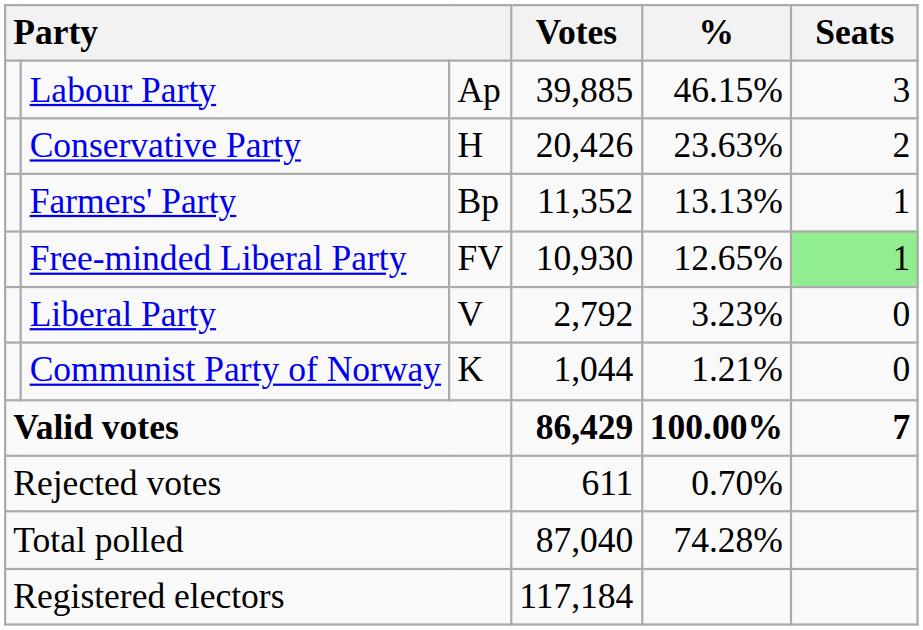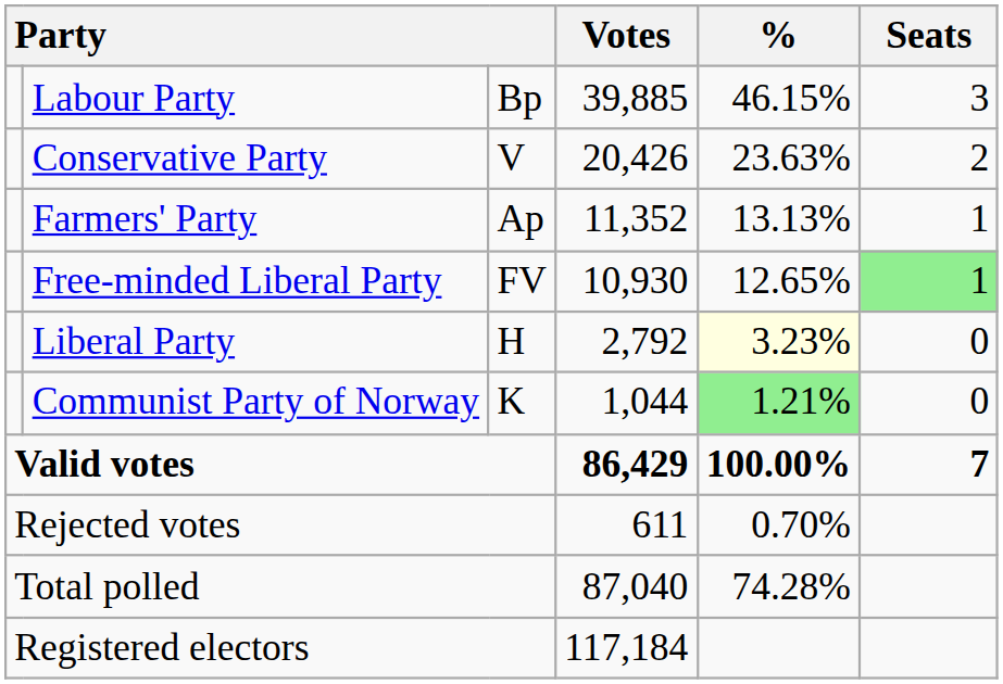 <table class="wikitable" border="1" style="text-align:right;">
 <tr>
 <th style="text-align:left;" colspan=3>Party</th>
 <th align=center width="50">Votes</th>
 <th align=center width="50">%</th>
 <th align=center width="50">Seats</th>
 </tr>
 <tr>
 <td style="color:inherit;background:"></td>
 <td align=left><a href='#'>Labour Party</a></td>
-<td align=left>Ap</td>
+<td align=left>Bp</td>
 <td>39,885</td>
 <td>46.15%</td>
 <td>3</td>
 </tr>
 <tr>
 <td style="color:inherit;background:"></td>
 <td align=left><a href='#'>Conservative Party</a></td>
-<td align=left>H</td>
+<td align=left>V</td>
 <td>20,426</td>
 <td>23.63%</td>
 <td>2</td>
 </tr>
 <tr>
 <td style="color:inherit;background:"></td>
 <td align=left><a href='#'>Farmers' Party</a></td>
-<td align=left>Bp</td>
+<td align=left>Ap</td>
 <td>11,352</td>
 <td>13.13%</td>
 <td>1</td>
 </tr>
 <tr>
 <td style="color:inherit;background:"></td>
 <td align=left><a href='#'>Free-minded Liberal Party</a></td>
 <td align=left>FV</td>
 <td>10,930</td>
 <td>12.65%</td>
 <td style="background: lightgreen;">1</td>
 </tr>
 <tr>
 <td style="color:inherit;background:"></td>
 <td align=left><a href='#'>Liberal Party</a></td>
-<td align=left>V</td>
+<td align=left>H</td>
 <td>2,792</td>
-<td>3.23%</td>
+<td style="background: lightyellow;">3.23%</td>
 <td>0</td>
 </tr>
 <tr>
 <td style="color:inherit;background:"></td>
 <td align=left><a href='#'>Communist Party of Norway</a></td>
 <td align=left>K</td>
 <td>1,044</td>
-<td>1.21%</td>
+<td style="background: lightgreen;">1.21%</td>
 <td>0</td>
 </tr>
 <tr style="font-weight:bold">
 <td align=left colspan=3>Valid votes</td>
 <td>86,429</td>
 <td>100.00%</td>
 <td>7</td>
 </tr>
 <tr>
 <td align=left colspan=3>Rejected votes</td>
 <td>611</td>
 <td>0.70%</td>
 <td></td>
 </tr>
 <tr>
 <td align=left colspan=3>Total polled</td>
 <td>87,040</td>
 <td>74.28%</td>
 <td></td>
 </tr>
 <tr>
 <td align=left colspan=3>Registered electors</td>
 <td>117,184</td>
 <td></td>
 <td></td>
 </tr>
 </table>
